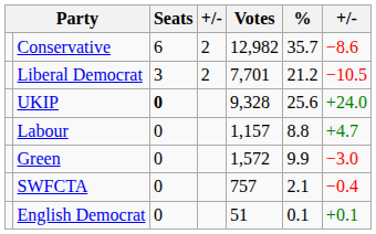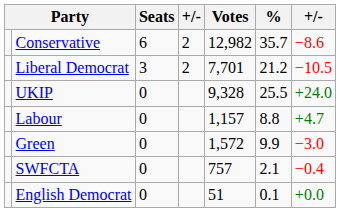 <table class="wikitable">
 <tr>
 <th colspan="2">Party</th>
 <th>Seats</th>
 <th>+/-</th>
 <th>Votes</th>
 <th>%</th>
 <th>+/-</th>
 </tr>
 <tr>
 <td style="background-color: "></td>
 <td><a href='#'>Conservative</a></td>
 <td>6</td>
 <td> 2</td>
 <td>12,982</td>
 <td>35.7</td>
 <td style="color:red">−8.6</td>
 </tr>
 <tr>
 <td style="background-color: "></td>
 <td><a href='#'>Liberal Democrat</a></td>
 <td>3</td>
 <td> 2</td>
 <td>7,701</td>
 <td>21.2</td>
 <td style="color:red">−10.5</td>
 </tr>
 <tr>
 <td style="background-color: "></td>
 <td><a href='#'>UKIP</a></td>
-<td><strong>0</strong></td>
+<td>0</td>
 <td></td>
 <td>9,328</td>
-<td>25.6</td>
+<td>25.5</td>
 <td style="color:green">+24.0</td>
 </tr>
 <tr>
 <td style="background-color: "></td>
 <td><a href='#'>Labour</a></td>
 <td>0</td>
 <td></td>
 <td>1,157</td>
 <td>8.8</td>
 <td style="color:green">+4.7</td>
 </tr>
 <tr>
 <td style="background-color: "></td>
 <td><a href='#'>Green</a></td>
 <td>0</td>
 <td></td>
 <td>1,572</td>
 <td>9.9</td>
 <td style="color:red">−3.0</td>
 </tr>
 <tr>
 <td style="background-color: "></td>
 <td><a href='#'>SWFCTA</a></td>
 <td>0</td>
 <td></td>
 <td>757</td>
 <td>2.1</td>
 <td style="color:red">−0.4</td>
 </tr>
 <tr>
 <td style="background-color: "></td>
 <td><a href='#'>English Democrat</a></td>
 <td>0</td>
 <td></td>
 <td>51</td>
 <td>0.1</td>
-<td style="color:green">+0.1</td>
+<td style="color:green">+0.0</td>
 </tr>
 </table>
